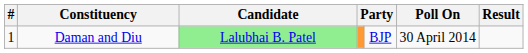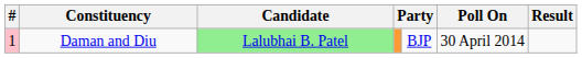 <table class="wikitable sortable" style="text-align:center;">
 <tr>
 <th>#</th>
 <th style="width:180px;">Constituency</th>
 <th style="width:200px;">Candidate</th>
 <th colspan="2">Party</th>
 <th>Poll On</th>
 <th>Result</th>
 </tr>
 <tr>
-<td style="text-align:center;">1</td>
+<td style="background: pink; text-align:center;">1</td>
 <td><a href='#'>Daman and Diu</a></td>
 <td style="background: lightgreen;"><a href='#'>Lalubhai B. Patel</a></td>
 <td bgcolor=#FF9933></td>
 <td><a href='#'>BJP</a></td>
 <td>30 April 2014</td>
 <td></td>
 </tr>
 </table>
